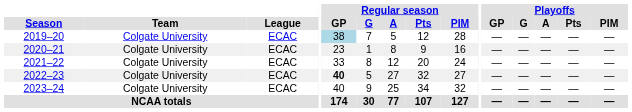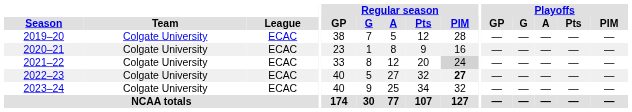 <table border="0" cellpadding="1" cellspacing="0" style="text-align:center; width:60em">
 <tr bgcolor="#e0e0e0">
 <th colspan="3" bgcolor="#ffffff"></th>
 <th rowspan="97" bgcolor="#ffffff"></th>
 <th colspan="5"><a href='#'>Regular season</a></th>
 <th rowspan="97" bgcolor="#ffffff"></th>
 <th colspan="5"><a href='#'>Playoffs</a></th>
 </tr>
 <tr bgcolor="#e0e0e0">
 <th><a href='#'>Season</a></th>
 <th>Team</th>
 <th>League</th>
 <th>GP</th>
 <th><a href='#'>G</a></th>
 <th><a href='#'>A</a></th>
 <th><a href='#'>Pts</a></th>
 <th><a href='#'>PIM</a></th>
 <th>GP</th>
 <th>G</th>
 <th>A</th>
 <th>Pts</th>
 <th>PIM</th>
 </tr>
 <tr>
 <td><a href='#'>2019–20</a></td>
 <td><a href='#'>Colgate University</a></td>
 <td><a href='#'>ECAC</a></td>
-<td style="background: lightblue;">38</td>
+<td>38</td>
 <td>7</td>
 <td>5</td>
 <td>12</td>
 <td>28</td>
 <td>—</td>
 <td>—</td>
 <td>—</td>
 <td>—</td>
 <td>—</td>
 </tr>
 <tr bgcolor="#f0f0f0">
 <td><a href='#'>2020–21</a></td>
 <td>Colgate University</td>
 <td>ECAC</td>
 <td>23</td>
 <td>1</td>
 <td>8</td>
 <td>9</td>
 <td>16</td>
 <td>—</td>
 <td>—</td>
 <td>—</td>
 <td>—</td>
 <td>—</td>
 </tr>
 <tr>
 <td><a href='#'>2021–22</a></td>
 <td>Colgate University</td>
 <td>ECAC</td>
 <td>33</td>
 <td>8</td>
 <td>12</td>
 <td>20</td>
-<td>24</td>
+<td style="background: lightgrey;">24</td>
 <td>—</td>
 <td>—</td>
 <td>—</td>
 <td>—</td>
 <td>—</td>
 </tr>
 <tr bgcolor="#f0f0f0">
 <td><a href='#'>2022–23</a></td>
 <td>Colgate University</td>
 <td>ECAC</td>
-<td><strong>40</strong></td>
+<td>40</td>
 <td>5</td>
 <td>27</td>
 <td>32</td>
-<td>27</td>
+<td><strong>27</strong></td>
 <td>—</td>
 <td>—</td>
 <td>—</td>
 <td>—</td>
 <td>—</td>
 </tr>
 <tr>
 <td><a href='#'>2023–24</a></td>
 <td>Colgate University</td>
 <td>ECAC</td>
 <td>40</td>
 <td>9</td>
 <td>25</td>
 <td>34</td>
 <td>32</td>
 <td>—</td>
 <td>—</td>
 <td>—</td>
 <td>—</td>
 <td>—</td>
 </tr>
 <tr bgcolor="#e0e0e0">
 <th colspan="3">NCAA totals</th>
 <th>174</th>
 <th>30</th>
 <th>77</th>
 <th>107</th>
 <th>127</th>
 <th>—</th>
 <th>—</th>
 <th>—</th>
 <th>—</th>
 <th>—</th>
 </tr>
 </table>
